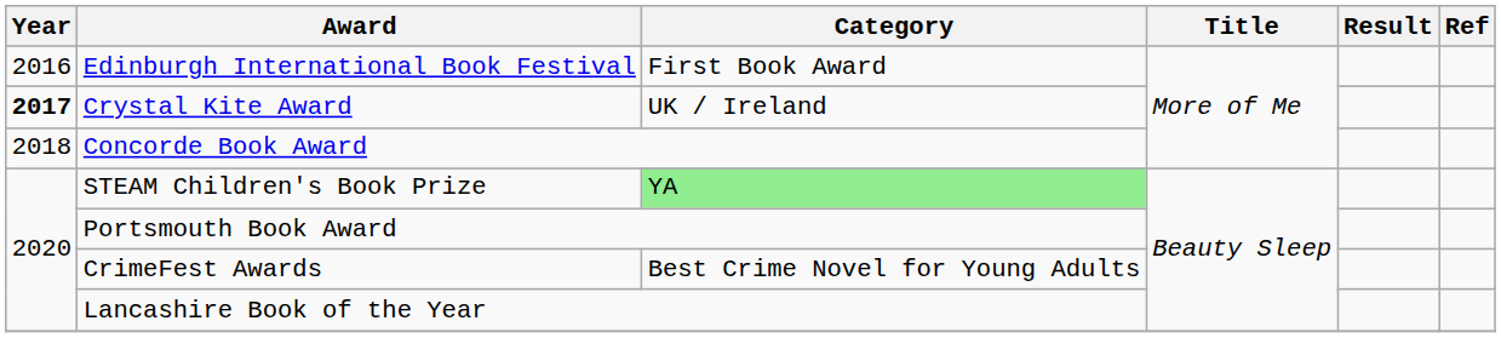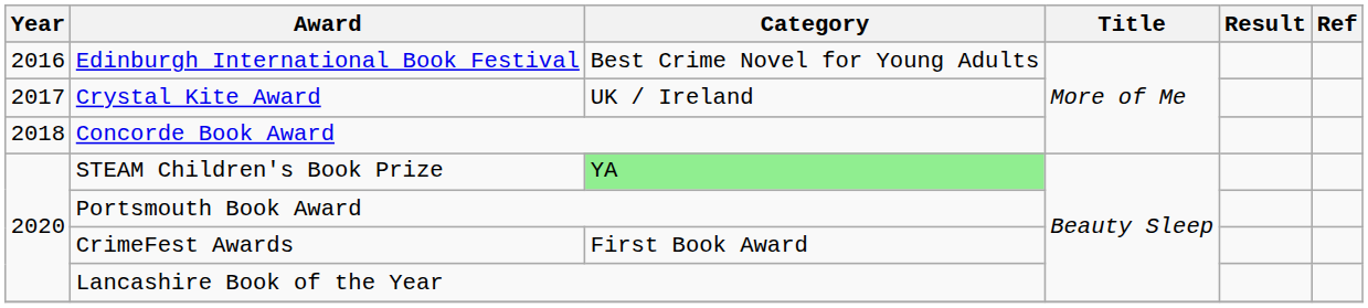 <table class="wikitable sortable">
 <tr>
 <th>Year</th>
 <th>Award</th>
 <th>Category</th>
 <th>Title</th>
 <th>Result</th>
 <th>Ref</th>
 </tr>
 <tr>
 <td>2016</td>
 <td><a href='#'>Edinburgh International Book Festival</a></td>
-<td>First Book Award</td>
+<td>Best Crime Novel for Young Adults</td>
 <td rowspan="3"><em>More of Me</em></td>
 <td></td>
 <td></td>
 </tr>
 <tr>
-<td><strong>2017</strong></td>
+<td>2017</td>
 <td><a href='#'>Crystal Kite Award</a></td>
 <td>UK / Ireland</td>
 <td></td>
 <td></td>
 </tr>
 <tr>
 <td>2018</td>
 <td colspan="2"><a href='#'>Concorde Book Award</a></td>
 <td></td>
 <td></td>
 </tr>
 <tr>
 <td rowspan="4">2020</td>
 <td>STEAM Children's Book Prize</td>
 <td style="background: lightgreen;">YA</td>
 <td rowspan="4"><em>Beauty Sleep</em></td>
 <td></td>
 <td></td>
 </tr>
 <tr>
 <td colspan="2">Portsmouth Book Award</td>
 <td></td>
 <td></td>
 </tr>
 <tr>
 <td>CrimeFest Awards</td>
-<td>Best Crime Novel for Young Adults</td>
+<td>First Book Award</td>
 <td></td>
 <td></td>
 </tr>
 <tr>
 <td colspan="2">Lancashire Book of the Year</td>
 <td></td>
 <td></td>
 </tr>
 <tr>
 </tr>
 </table>
